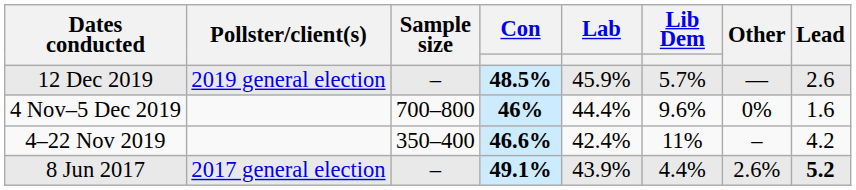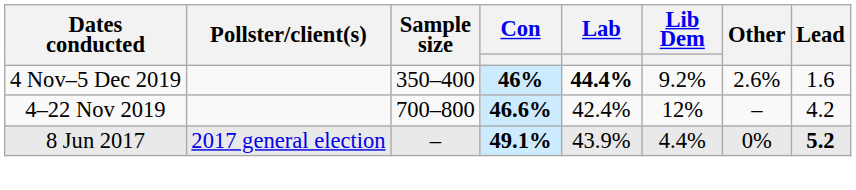 <table class="wikitable sortable mw-datatable" style="text-align:center;line-height:14px;">
 <tr>
 <th rowspan="2">Dates<br>conducted</th>
 <th rowspan="2">Pollster/client(s)</th>
 <th rowspan="2" data-sort-type="number">Sample<br>size</th>
 <th class="unsortable" style="width:50px;"><a href='#'>Con</a></th>
 <th class="unsortable" style="width:50px;"><a href='#'>Lab</a></th>
 <th class="unsortable" style="width:50px;"><a href='#'>Lib Dem</a></th>
 <th rowspan="2" class="unsortable">Other</th>
 <th rowspan="2" data-sort-type="number">Lead</th>
 </tr>
 <tr>
 <th data-sort-type="number" style="background:"></th>
 <th data-sort-type="number" style="background:"></th>
 <th data-sort-type="number" style="background:"></th>
 </tr>
-<tr style="background:#E9E9E9;">
-<td data-sort-value="2017-06-08">12 Dec 2019</td>
-<td><a href='#'>2019 general election</a></td>
-<td>–</td>
-<td style="background:#CCEBFF;"><strong>48.5%</strong></td>
-<td>45.9%</td>
-<td>5.7%</td>
-<td>—</td>
-<td style="background:">2.6</td>
-</tr>
 <tr>
 <td data-sort-value="2019-10-21">4 Nov–5 Dec 2019</td>
 <td></td>
-<td>700–800</td>
+<td>350–400</td>
 <td style="background:#CCEBFF;"><strong>46%</strong></td>
-<td>44.4%</td>
-<td>9.6%</td>
-<td>0%</td>
+<td><strong>44.4%</strong></td>
+<td>9.2%</td>
+<td>2.6%</td>
 <td style="background:">1.6</td>
 </tr>
 <tr>
 <td data-sort-value="2019-10-21">4–22 Nov 2019</td>
 <td></td>
-<td>350–400</td>
+<td>700–800</td>
 <td style="background:#CCEBFF;"><strong>46.6%</strong></td>
 <td>42.4%</td>
-<td>11%</td>
+<td>12%</td>
 <td>–</td>
 <td style="background:">4.2</td>
 </tr>
 <tr style="background:#E9E9E9;">
 <td data-sort-value="2017-06-08">8 Jun 2017</td>
 <td><a href='#'>2017 general election</a></td>
 <td>–</td>
 <td style="background:#CCEBFF;"><strong>49.1%</strong></td>
 <td>43.9%</td>
 <td>4.4%</td>
-<td>2.6%</td>
+<td>0%</td>
 <td style="background:"><strong>5.2</strong></td>
 </tr>
 </table>
